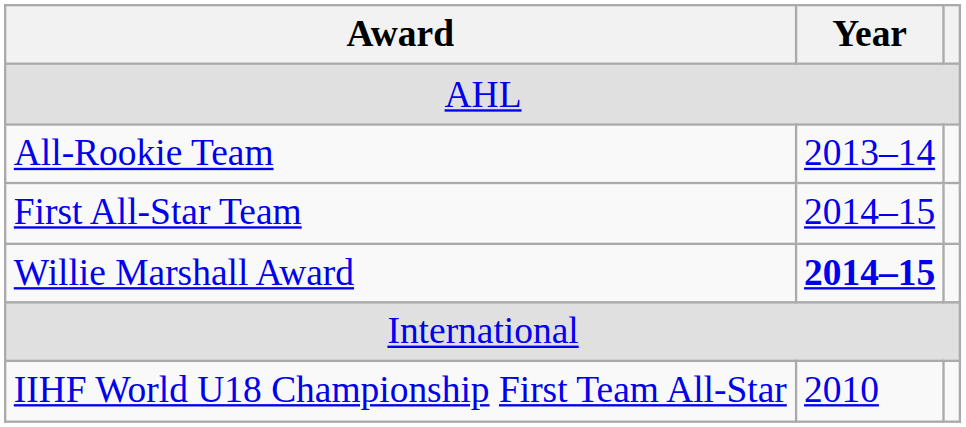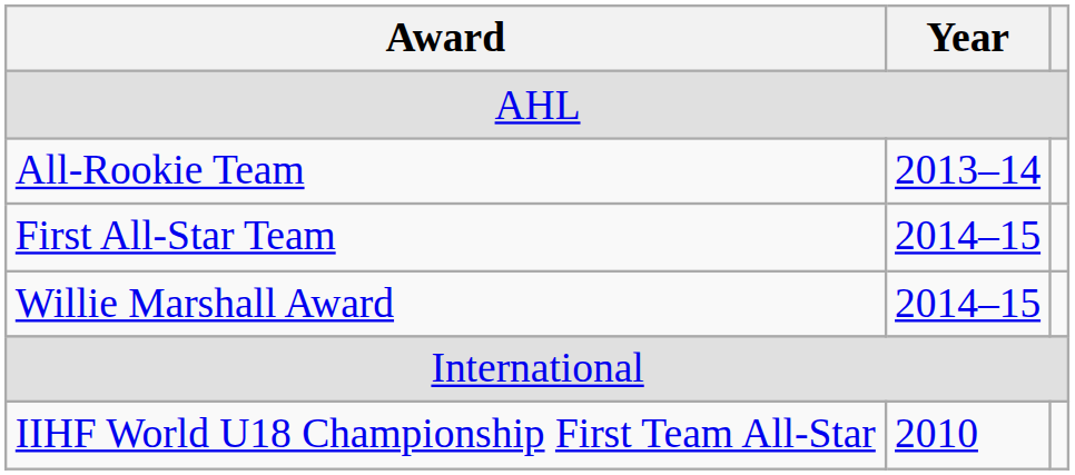 <table class="wikitable">
 <tr>
 <th>Award</th>
 <th>Year</th>
 <th></th>
 </tr>
 <tr ALIGN="center" bgcolor="#e0e0e0">
 <td colspan="3"><a href='#'>AHL</a></td>
 </tr>
 <tr>
 <td><a href='#'>All-Rookie Team</a></td>
 <td><a href='#'>2013–14</a></td>
 <td></td>
 </tr>
 <tr>
 <td><a href='#'>First All-Star Team</a></td>
 <td><a href='#'>2014–15</a></td>
 <td></td>
 </tr>
 <tr>
 <td><a href='#'>Willie Marshall Award</a></td>
-<td><strong><a href='#'>2014–15</a></strong></td>
+<td><a href='#'>2014–15</a></td>
 <td></td>
 </tr>
 <tr ALIGN="center" bgcolor="#e0e0e0">
 <td colspan="3"><a href='#'>International</a></td>
 </tr>
 <tr>
 <td><a href='#'>IIHF World U18 Championship</a> <a href='#'>First Team All-Star</a></td>
 <td><a href='#'>2010</a></td>
 <td></td>
 </tr>
 </table>
